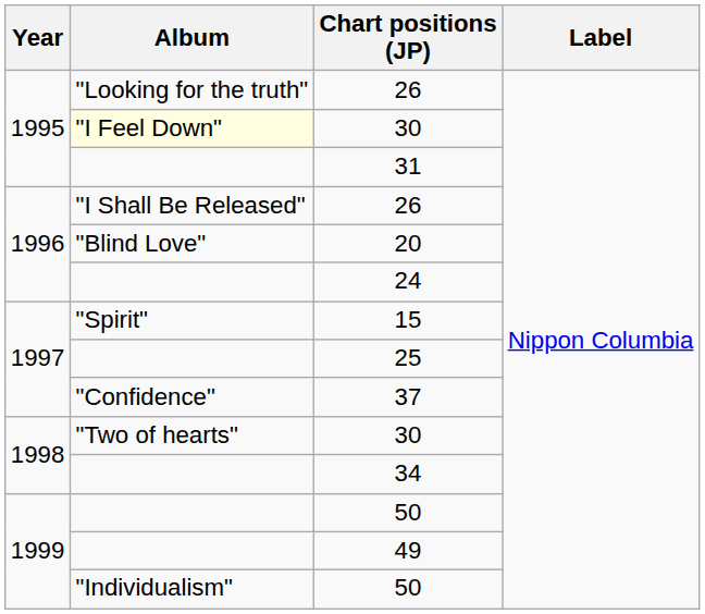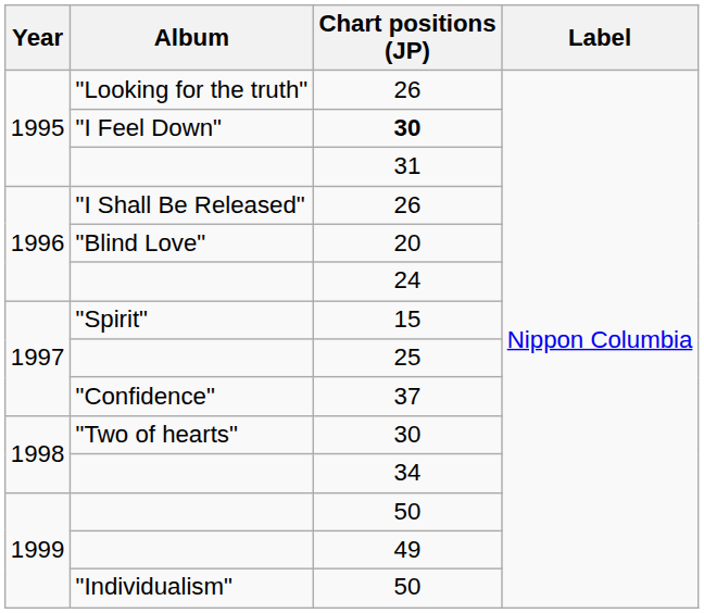 <table class="wikitable">
 <tr>
 <th>Year</th>
 <th>Album</th>
 <th>Chart positions<br>(JP)</th>
 <th>Label</th>
 </tr>
 <tr>
 <td rowspan="3">1995</td>
 <td>"Looking for the truth"</td>
 <td align="center">26</td>
 <td rowspan="14"><a href='#'>Nippon Columbia</a></td>
 </tr>
 <tr>
-<td style="background: lightyellow;">"I Feel Down"</td>
-<td align="center">30</td>
+<td>"I Feel Down"</td>
+<td align="center"><strong>30</strong></td>
 </tr>
 <tr>
 <td></td>
 <td align="center">31</td>
 </tr>
 <tr>
 <td rowspan="3">1996</td>
 <td>"I Shall Be Released"</td>
 <td align="center">26</td>
 </tr>
 <tr>
 <td>"Blind Love"</td>
 <td align="center">20</td>
 </tr>
 <tr>
 <td></td>
 <td align="center">24</td>
 </tr>
 <tr>
 <td rowspan="3">1997</td>
 <td>"Spirit"</td>
 <td align="center">15</td>
 </tr>
 <tr>
 <td></td>
 <td align="center">25</td>
 </tr>
 <tr>
 <td>"Confidence"</td>
 <td align="center">37</td>
 </tr>
 <tr>
 <td rowspan="2">1998</td>
 <td>"Two of hearts"</td>
 <td align="center">30</td>
 </tr>
 <tr>
 <td></td>
 <td align="center">34</td>
 </tr>
 <tr>
 <td rowspan="3">1999</td>
 <td></td>
 <td align="center">50</td>
 </tr>
 <tr>
 <td></td>
 <td align="center">49</td>
 </tr>
 <tr>
 <td>"Individualism"</td>
 <td align="center">50</td>
 </tr>
 </table>
